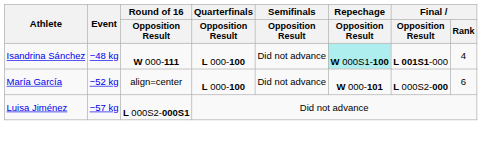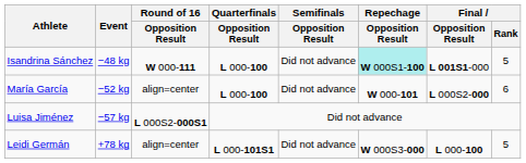 <table class="wikitable" style="font-size:90%">
 <tr>
 <th rowspan=2>Athlete</th>
 <th rowspan=2>Event</th>
 <th>Round of 16</th>
 <th>Quarterfinals</th>
 <th>Semifinals</th>
 <th>Repechage</th>
 <th colspan=2>Final / </th>
 </tr>
 <tr style="font-size:95%">
 <th>Opposition<br>Result</th>
 <th>Opposition<br>Result</th>
 <th>Opposition<br>Result</th>
 <th>Opposition<br>Result</th>
 <th>Opposition<br>Result</th>
 <th>Rank</th>
 </tr>
 <tr align=center>
 <td align=left><a href='#'>Isandrina Sánchez</a></td>
 <td align=left><a href='#'>−48 kg</a></td>
 <td> <br><strong>W</strong> 000-<strong>111</strong></td>
 <td> <br><strong>L</strong> 000-<strong>100</strong></td>
 <td>Did not advance</td>
 <td style="background: paleturquoise;"> <br><strong>W</strong> 000S1-<strong>100</strong></td>
 <td> <br><strong>L</strong> <strong>001S1</strong>-000</td>
-<td>4</td>
+<td>5</td>
 </tr>
 <tr align=center>
 <td align=left><a href='#'>María García</a></td>
 <td align=left><a href='#'>−52 kg</a></td>
 <td>align=center </td>
 <td> <br><strong>L</strong> 000-<strong>100</strong></td>
 <td>Did not advance</td>
 <td> <br><strong>W</strong> 000-<strong>101</strong></td>
 <td> <br><strong>L</strong> 000S2-<strong>000</strong></td>
 <td>6</td>
 </tr>
 <tr align=center>
 <td align=left><a href='#'>Luisa Jiménez</a></td>
 <td align=left><a href='#'>−57 kg</a></td>
 <td> <br><strong>L</strong> 000S2-<strong>000S1</strong></td>
 <td align=center colspan="5">Did not advance</td>
 </tr>
+<tr align=center>
+<td align=left><a href='#'>Leidi Germán</a></td>
+<td align=left><a href='#'>+78 kg</a></td>
+<td>align=center </td>
+<td> <br><strong>L</strong> 000-<strong>101S1</strong></td>
+<td>Did not advance</td>
+<td> <br><strong>W</strong> 000S3-<strong>000</strong></td>
+<td> <br><strong>L</strong> 000-<strong>100</strong></td>
+<td>5</td>
+</tr>
 </table>
